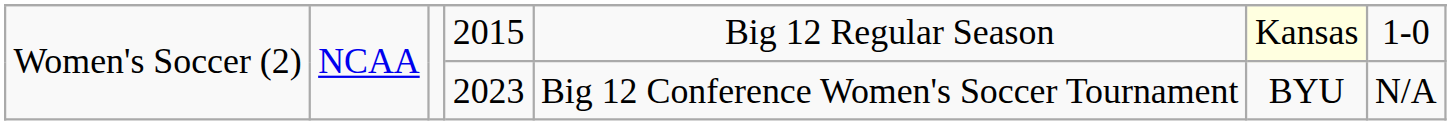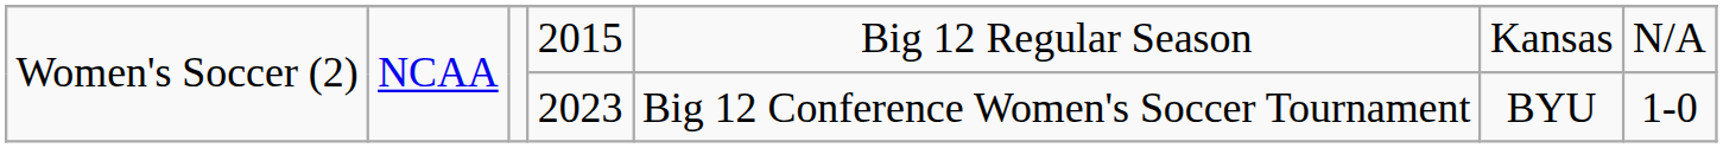 <table class="wikitable">
 <tr align="center">
 </tr>
 <tr align="center">
 <td rowspan="3">Women's Soccer (2)</td>
 <td rowspan="3"><a href='#'>NCAA</a></td>
 <td rowspan="3"></td>
 </tr>
 <tr align="center">
 <td>2015</td>
 <td>Big 12 Regular Season</td>
-<td style="background: lightyellow;">Kansas</td>
-<td>1-0</td>
+<td>Kansas</td>
+<td>N/A</td>
 </tr>
 <tr align="center">
 <td>2023</td>
 <td>Big 12 Conference Women's Soccer Tournament</td>
 <td>BYU</td>
-<td>N/A</td>
+<td>1-0</td>
 </tr>
 </table>
